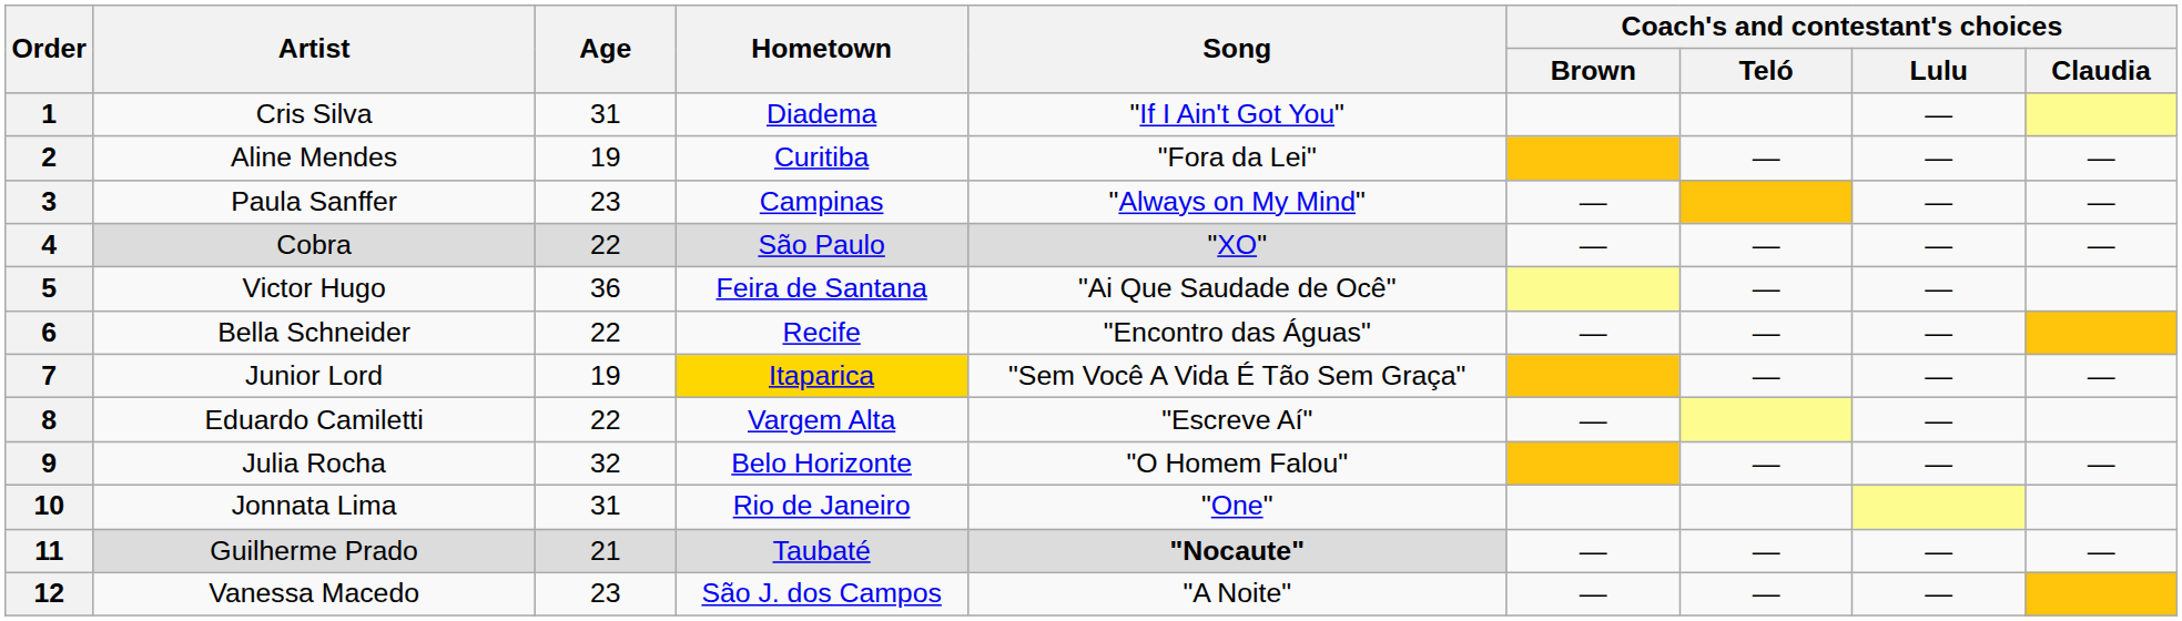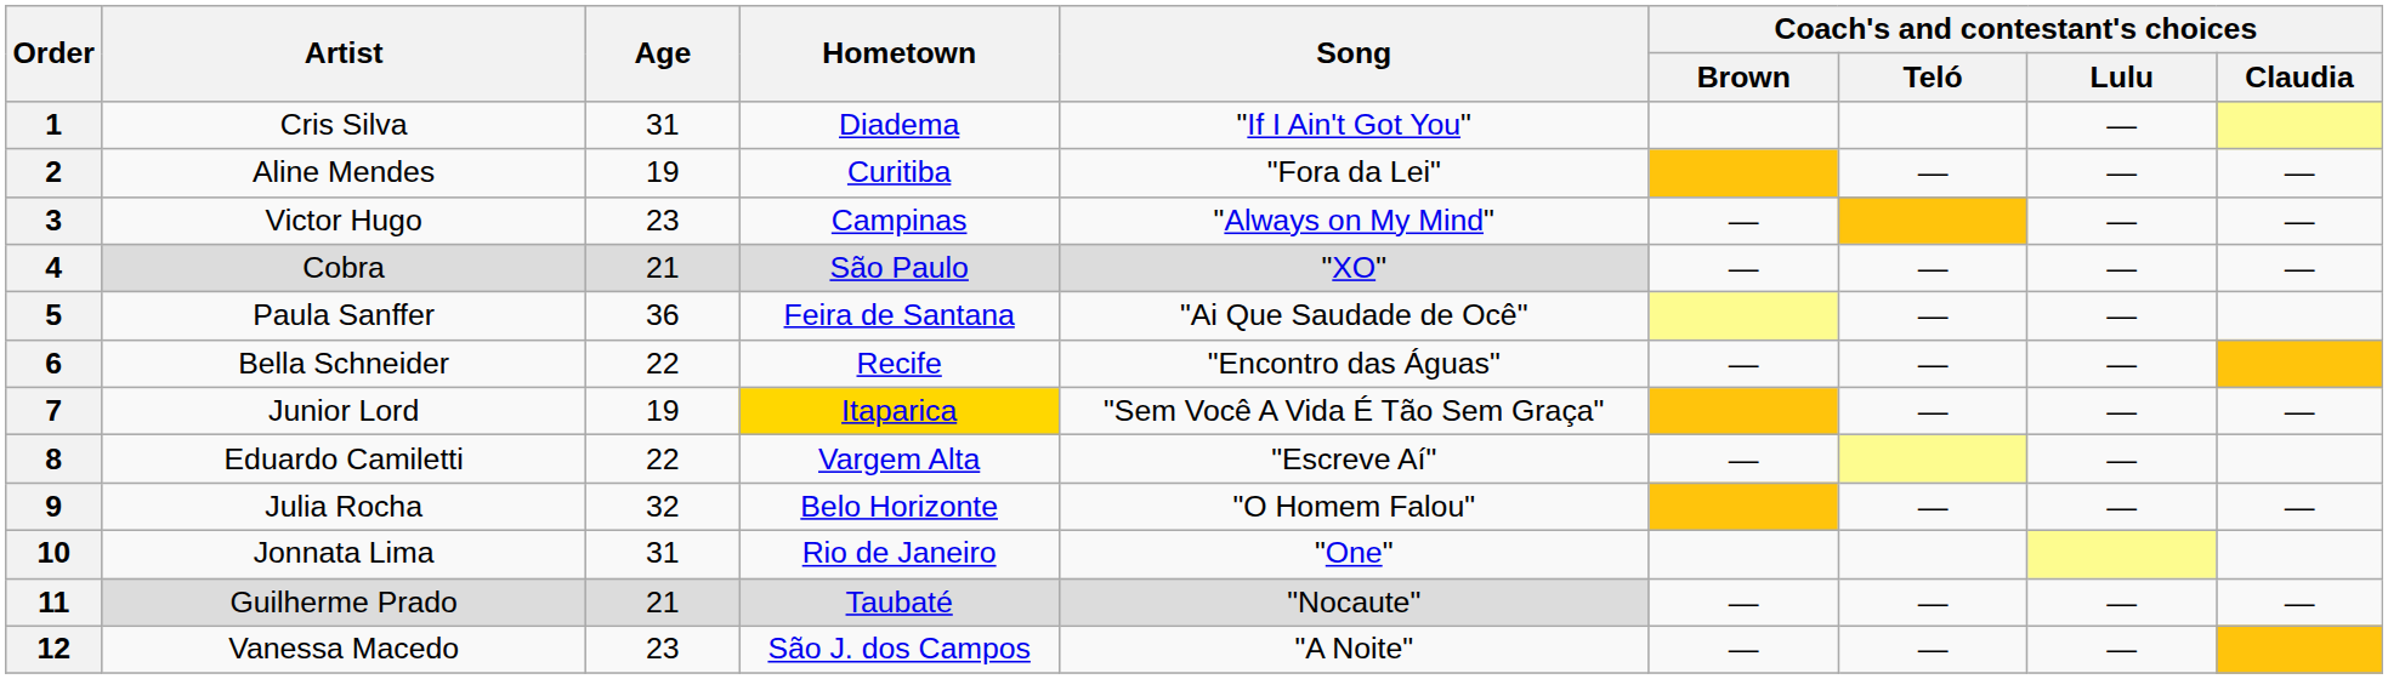 <table class="wikitable" style="text-align:center; width:100%;">
 <tr>
 <th rowspan=2 width="03.5%">Order</th>
 <th rowspan=2 width="20.5%">Artist</th>
 <th rowspan=2 width="06.5%">Age</th>
 <th rowspan=2 width="13.5%">Hometown</th>
 <th rowspan=2 width="25.0%">Song</th>
 <th colspan=4 width="32.0%">Coach's and contestant's choices</th>
 </tr>
 <tr>
 <th width="8.0%">Brown</th>
 <th width="8.0%">Teló</th>
 <th width="8.0%">Lulu</th>
 <th width="8.0%">Claudia</th>
 </tr>
 <tr>
 <th>1</th>
 <td>Cris Silva</td>
 <td>31</td>
 <td><a href='#'>Diadema</a></td>
 <td>"<a href='#'>If I Ain't Got You</a>"</td>
 <td><strong></strong></td>
 <td><strong></strong></td>
 <td>—</td>
 <td style="background-color:#fdfc8f"><strong></strong></td>
 </tr>
 <tr>
 <th>2</th>
 <td>Aline Mendes</td>
 <td>19</td>
 <td><a href='#'>Curitiba</a></td>
 <td>"Fora da Lei"</td>
 <td style="background-color:#FFC40C"><strong></strong></td>
 <td>—</td>
 <td>—</td>
 <td>—</td>
 </tr>
 <tr>
 <th>3</th>
-<td>Paula Sanffer</td>
+<td>Victor Hugo</td>
 <td>23</td>
 <td><a href='#'>Campinas</a></td>
 <td>"<a href='#'>Always on My Mind</a>"</td>
 <td>—</td>
 <td style="background-color:#FFC40C"><strong></strong></td>
 <td>—</td>
 <td>—</td>
 </tr>
 <tr>
 <th>4</th>
 <td style="background-color:#dcdcdc">Cobra</td>
-<td style="background-color:#dcdcdc">22</td>
+<td style="background-color:#dcdcdc">21</td>
 <td style="background-color:#dcdcdc"><a href='#'>São Paulo</a></td>
 <td style="background-color:#dcdcdc">"<a href='#'>XO</a>"</td>
 <td>—</td>
 <td>—</td>
 <td>—</td>
 <td>—</td>
 </tr>
 <tr>
 <th>5</th>
-<td>Victor Hugo</td>
+<td>Paula Sanffer</td>
 <td>36</td>
 <td><a href='#'>Feira de Santana</a></td>
 <td>"Ai Que Saudade de Ocê"</td>
 <td style="background-color:#fdfc8f"><strong></strong></td>
 <td>—</td>
 <td>—</td>
 <td><strong></strong></td>
 </tr>
 <tr>
 <th>6</th>
 <td>Bella Schneider</td>
 <td>22</td>
 <td><a href='#'>Recife</a></td>
 <td>"Encontro das Águas"</td>
 <td>—</td>
 <td>—</td>
 <td>—</td>
 <td style="background-color:#FFC40C"><strong></strong></td>
 </tr>
 <tr>
 <th>7</th>
 <td>Junior Lord</td>
 <td>19</td>
 <td style="background: gold;"><a href='#'>Itaparica</a></td>
 <td>"Sem Você A Vida É Tão Sem Graça"</td>
 <td style="background-color:#FFC40C"><strong></strong></td>
 <td>—</td>
 <td>—</td>
 <td>—</td>
 </tr>
 <tr>
 <th>8</th>
 <td>Eduardo Camiletti</td>
 <td>22</td>
 <td><a href='#'>Vargem Alta</a></td>
 <td>"Escreve Aí"</td>
 <td>—</td>
 <td style="background-color:#fdfc8f"><strong></strong></td>
 <td>—</td>
 <td><strong></strong></td>
 </tr>
 <tr>
 <th>9</th>
 <td>Julia Rocha</td>
 <td>32</td>
 <td><a href='#'>Belo Horizonte</a></td>
 <td>"O Homem Falou"</td>
 <td style="background-color:#FFC40C"><strong></strong></td>
 <td>—</td>
 <td>—</td>
 <td>—</td>
 </tr>
 <tr>
 <th>10</th>
 <td>Jonnata Lima</td>
 <td>31</td>
 <td><a href='#'>Rio de Janeiro</a></td>
 <td>"<a href='#'>One</a>"</td>
 <td><strong></strong></td>
 <td><strong></strong></td>
 <td style="background-color:#fdfc8f"><strong></strong></td>
 <td><strong></strong></td>
 </tr>
 <tr>
 <th>11</th>
 <td style="background-color:#dcdcdc">Guilherme Prado</td>
 <td style="background-color:#dcdcdc">21</td>
 <td style="background-color:#dcdcdc"><a href='#'>Taubaté</a></td>
-<td style="background-color:#dcdcdc"><strong>"Nocaute"</strong></td>
+<td style="background-color:#dcdcdc">"Nocaute"</td>
 <td>—</td>
 <td>—</td>
 <td>—</td>
 <td>—</td>
 </tr>
 <tr>
 <th>12</th>
 <td>Vanessa Macedo</td>
 <td>23</td>
 <td><a href='#'>São J. dos Campos</a></td>
 <td>"A Noite"</td>
 <td>—</td>
 <td>—</td>
 <td>—</td>
 <td style="background-color:#FFC40C"><strong></strong></td>
 </tr>
 </table>
